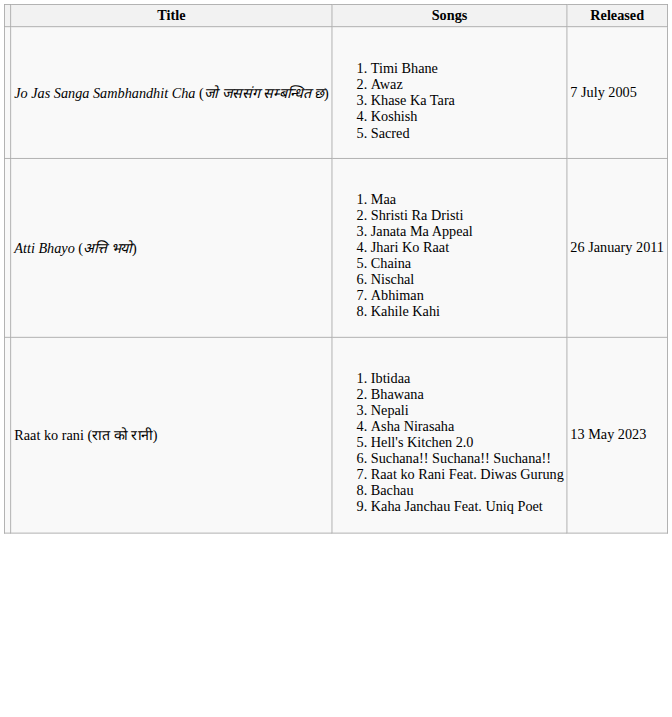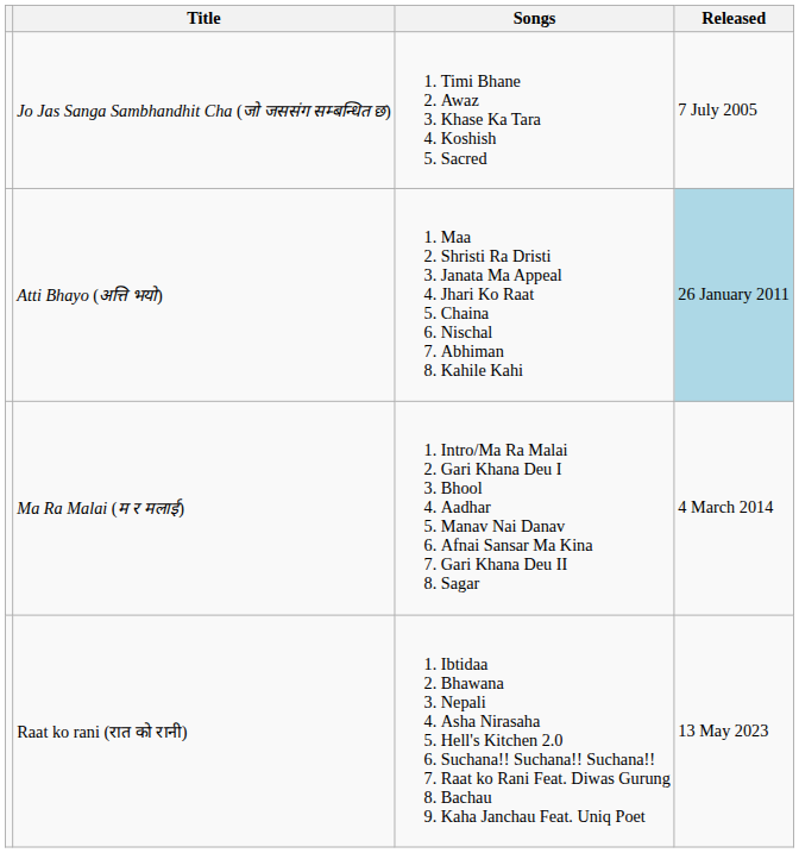 <table class="wikitable">
 <tr>
 <th></th>
 <th>Title</th>
 <th>Songs</th>
 <th>Released</th>
 </tr>
 <tr>
 <td></td>
 <td><em>Jo Jas Sanga Sambhandhit Cha</em> (<em>जो जससंग सम्बन्धित छ</em>)</td>
 <td><br><ol><li>Timi Bhane</li><li>Awaz</li><li>Khase Ka Tara</li><li>Koshish</li><li>Sacred</li></ol></td>
 <td>7 July 2005</td>
 </tr>
 <tr>
 <td></td>
 <td><em>Atti Bhayo</em> (<em>अत्ति भयो</em>)</td>
 <td><br><ol><li>Maa</li><li>Shristi Ra Dristi</li><li>Janata Ma Appeal</li><li>Jhari Ko Raat</li><li>Chaina</li><li>Nischal</li><li>Abhiman</li><li>Kahile Kahi</li></ol></td>
-<td>26 January 2011</td>
+<td style="background: lightblue;">26 January 2011</td>
+</tr>
+<tr>
+<td></td>
+<td><em>Ma Ra Malai</em> (<em>म र मलाई</em>)</td>
+<td><br><ol><li>Intro/Ma Ra Malai</li><li>Gari Khana Deu I</li><li>Bhool</li><li>Aadhar</li><li>Manav Nai Danav</li><li>Afnai Sansar Ma Kina</li><li>Gari Khana Deu II</li><li>Sagar</li></ol></td>
+<td>4 March 2014</td>
 </tr>
 <tr>
 <td></td>
 <td>Raat ko rani (रात को रानी)</td>
 <td><br><ol><li>Ibtidaa</li><li>Bhawana</li><li>Nepali</li><li>Asha Nirasaha</li><li>Hell's Kitchen 2.0</li><li>Suchana!! Suchana!! Suchana!!</li><li>Raat ko Rani Feat. Diwas Gurung</li><li>Bachau</li><li>Kaha Janchau Feat. Uniq Poet</li></ol></td>
 <td>13 May 2023</td>
 </tr>
 </table>
